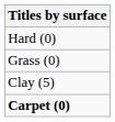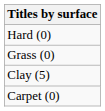 <table class="wikitable sortable mw-collapsible mw-collapsed">
 <tr>
 <th>Titles by surface</th>
 </tr>
 <tr>
 <td>Hard (0)</td>
 </tr>
 <tr>
 <td>Grass (0)</td>
 </tr>
 <tr>
 <td>Clay (5)</td>
 </tr>
 <tr>
-<td><strong>Carpet (0)</strong></td>
+<td>Carpet (0)</td>
 </tr>
 </table>
